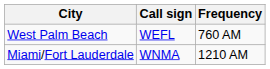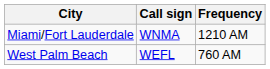 <table class="wikitable">
 <tr>
 <th>City</th>
 <th>Call sign</th>
 <th>Frequency</th>
 </tr>
 <tr>
+<td><a href='#'>Miami</a>/<a href='#'>Fort Lauderdale</a></td>
+<td><a href='#'>WNMA</a></td>
+<td>1210 AM</td>
+</tr>
+<tr>
 <td><a href='#'>West Palm Beach</a></td>
 <td><a href='#'>WEFL</a></td>
 <td>760 AM</td>
 </tr>
-<tr>
-<td><a href='#'>Miami</a>/<a href='#'>Fort Lauderdale</a></td>
-<td><a href='#'>WNMA</a></td>
-<td>1210 AM</td>
-</tr>
 </table>
